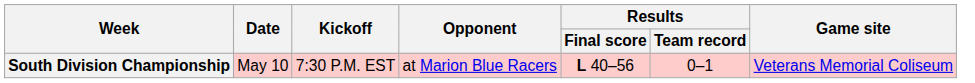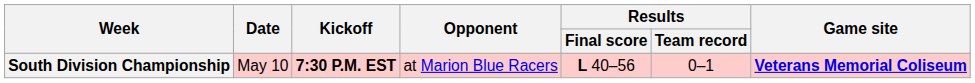 <table class="wikitable" style="font-size: 92%;" "align=center">
 <tr>
 <th rowspan="2">Week</th>
 <th rowspan="2">Date</th>
 <th rowspan="2">Kickoff</th>
 <th rowspan="2">Opponent</th>
 <th colspan="2">Results</th>
 <th rowspan="2">Game site</th>
 </tr>
 <tr>
 <th>Final score</th>
 <th>Team record</th>
 </tr>
 <tr style="background:#fcc">
 <th>South Division Championship</th>
 <td style="text-align:center;">May 10</td>
-<td style="text-align:center;">7:30 P.M. EST</td>
+<td style="text-align:center;"><strong>7:30 P.M. EST</strong></td>
 <td style="text-align:center;">at <a href='#'>Marion Blue Racers</a></td>
 <td style="text-align:center;"><strong>L</strong> 40–56</td>
 <td style="text-align:center;">0–1</td>
-<td style="text-align:center;"><a href='#'>Veterans Memorial Coliseum</a></td>
+<td style="text-align:center;"><strong><a href='#'>Veterans Memorial Coliseum</a></strong></td>
 </tr>
 </table>
